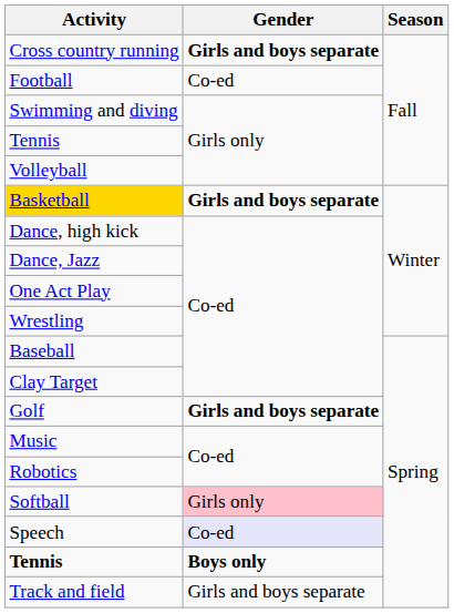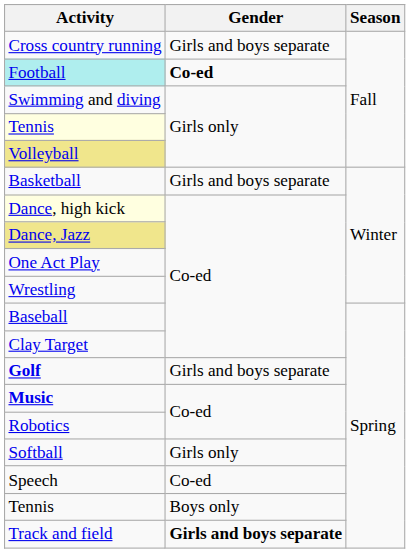 <table class="wikitable">
 <tr>
 <th>Activity</th>
 <th>Gender</th>
 <th>Season</th>
 </tr>
 <tr>
 <td><a href='#'>Cross country running</a></td>
-<td><strong>Girls and boys separate</strong></td>
+<td>Girls and boys separate</td>
 <td rowspan="5">Fall</td>
 </tr>
 <tr>
-<td><a href='#'>Football</a></td>
-<td>Co-ed</td>
+<td style="background: paleturquoise;"><a href='#'>Football</a></td>
+<td><strong>Co-ed</strong></td>
 </tr>
 <tr>
 <td><a href='#'>Swimming</a> and <a href='#'>diving</a></td>
 <td rowspan="3">Girls only</td>
 </tr>
 <tr>
-<td><a href='#'>Tennis</a></td>
+<td style="background: lightyellow;"><a href='#'>Tennis</a></td>
 </tr>
 <tr>
-<td><a href='#'>Volleyball</a></td>
+<td style="background: khaki;"><a href='#'>Volleyball</a></td>
 </tr>
 <tr>
-<td style="background: gold;"><a href='#'>Basketball</a></td>
-<td><strong>Girls and boys separate</strong></td>
+<td><a href='#'>Basketball</a></td>
+<td>Girls and boys separate</td>
 <td rowspan="5">Winter</td>
 </tr>
 <tr>
-<td><a href='#'>Dance</a>, high kick</td>
+<td style="background: lightyellow;"><a href='#'>Dance</a>, high kick</td>
 <td rowspan="6">Co-ed</td>
 </tr>
 <tr>
-<td><a href='#'>Dance, Jazz</a></td>
+<td style="background: khaki;"><a href='#'>Dance, Jazz</a></td>
 </tr>
 <tr>
 <td><a href='#'>One Act Play</a></td>
 </tr>
 <tr>
 <td><a href='#'>Wrestling</a></td>
 </tr>
 <tr>
 <td><a href='#'>Baseball</a></td>
 <td rowspan="9">Spring</td>
 </tr>
 <tr>
 <td><a href='#'>Clay Target</a></td>
 </tr>
 <tr>
-<td><a href='#'>Golf</a></td>
-<td><strong>Girls and boys separate</strong></td>
+<td><strong><a href='#'>Golf</a></strong></td>
+<td>Girls and boys separate</td>
 </tr>
 <tr>
-<td><a href='#'>Music</a></td>
+<td><strong><a href='#'>Music</a></strong></td>
 <td rowspan="2">Co-ed</td>
 </tr>
 <tr>
 <td><a href='#'>Robotics</a></td>
 </tr>
 <tr>
 <td><a href='#'>Softball</a></td>
-<td style="background: pink;">Girls only</td>
+<td>Girls only</td>
 </tr>
 <tr>
 <td>Speech</td>
-<td style="background: lavender;">Co-ed</td>
+<td>Co-ed</td>
 </tr>
 <tr>
-<td><strong>Tennis</strong></td>
-<td><strong>Boys only</strong></td>
+<td>Tennis</td>
+<td>Boys only</td>
 </tr>
 <tr>
 <td><a href='#'>Track and field</a></td>
-<td>Girls and boys separate</td>
+<td><strong>Girls and boys separate</strong></td>
 </tr>
 </table>
